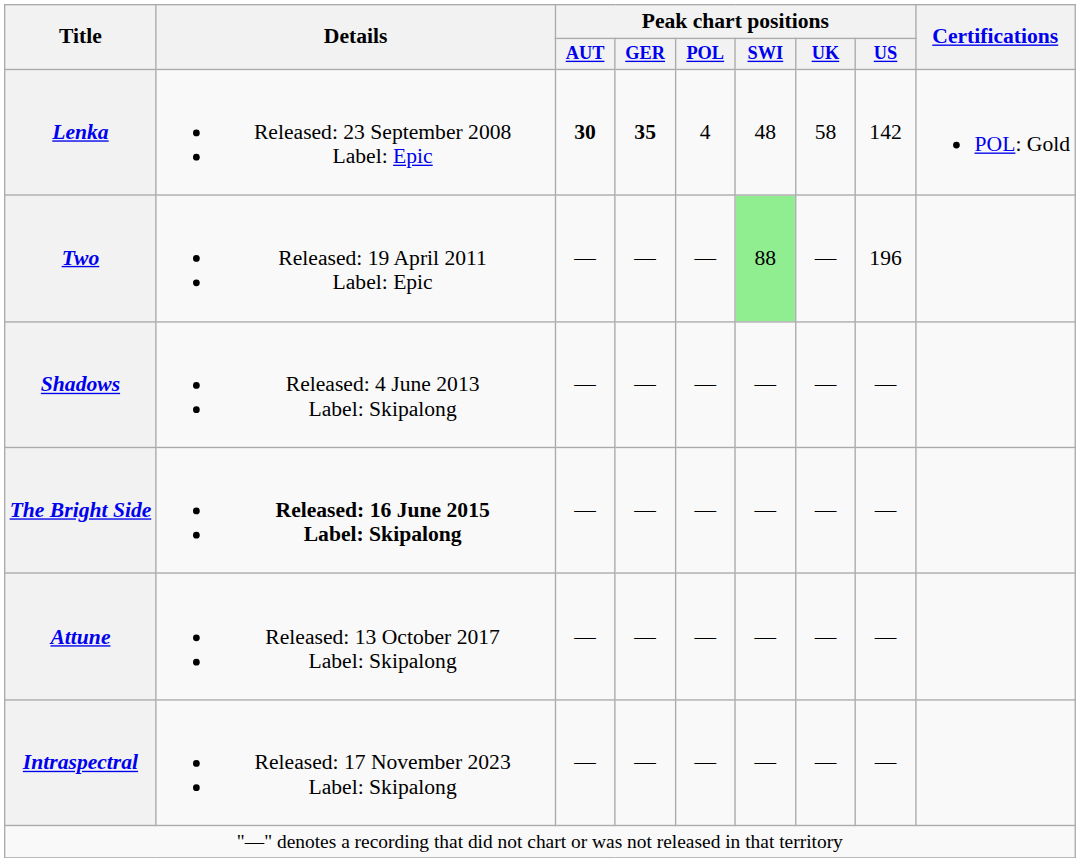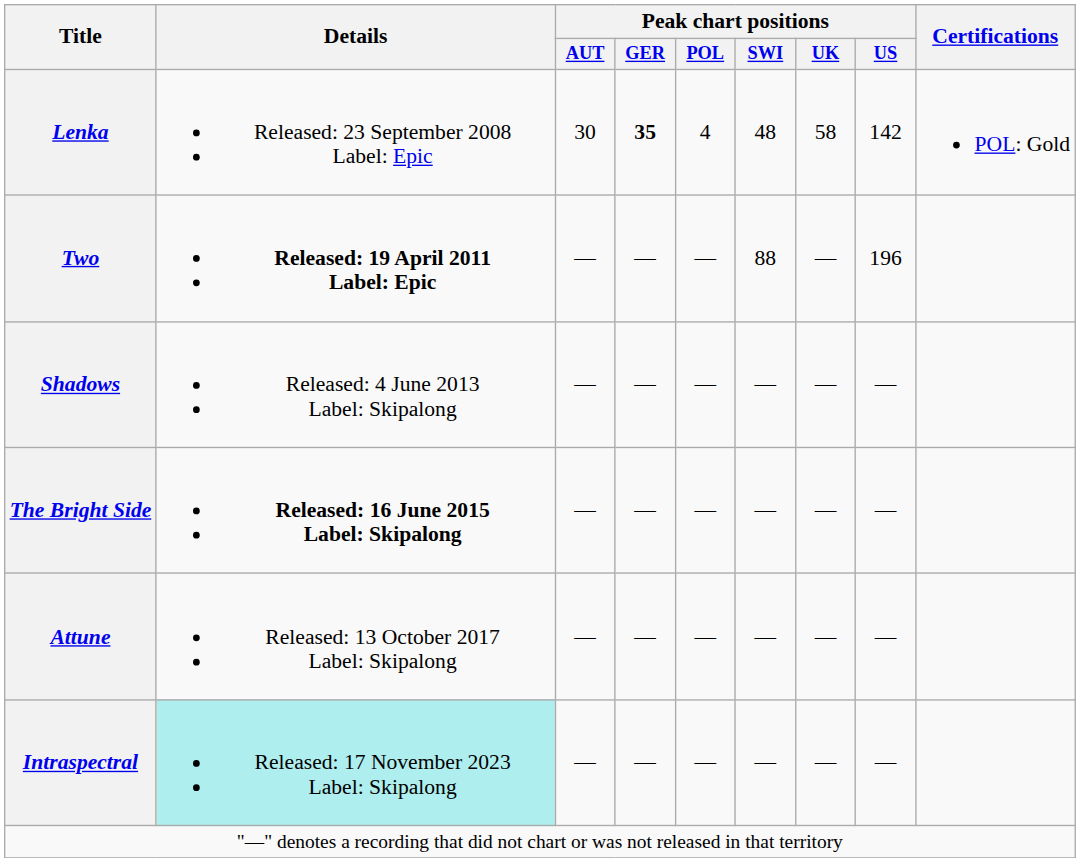 <table class="wikitable plainrowheaders" style="text-align:center;">
 <tr>
 <th rowspan="2">Title</th>
 <th rowspan="2" style="width:18em;">Details</th>
 <th colspan="6">Peak chart positions</th>
 <th rowspan="2"><a href='#'>Certifications</a></th>
 </tr>
 <tr>
 <th style="width:2.8em; font-size:85%"><a href='#'>AUT</a><br></th>
 <th style="width:2.8em; font-size:85%"><a href='#'>GER</a><br></th>
 <th style="width:2.8em; font-size:85%"><a href='#'>POL</a></th>
 <th style="width:2.8em; font-size:85%"><a href='#'>SWI</a><br></th>
 <th style="width:2.8em; font-size:85%"><a href='#'>UK</a><br></th>
 <th style="width:2.8em; font-size:85%"><a href='#'>US</a><br></th>
 </tr>
 <tr>
 <th scope="row"><em><a href='#'>Lenka</a></em></th>
 <td><br><ul><li>Released: 23 September 2008</li><li>Label: <a href='#'>Epic</a></li></ul></td>
-<td><strong>30</strong></td>
+<td>30</td>
 <td><strong>35</strong></td>
 <td>4</td>
 <td>48</td>
 <td>58</td>
 <td>142</td>
 <td><br><ul><li><a href='#'>POL</a>: Gold</li></ul></td>
 </tr>
 <tr>
 <th scope="row"><em><a href='#'>Two</a></em></th>
-<td><br><ul><li>Released: 19 April 2011</li><li>Label: Epic</li></ul></td>
+<td><strong><br><ul><li>Released: 19 April 2011</li><li>Label: Epic</li></ul></strong></td>
 <td>—</td>
 <td>—</td>
 <td>—</td>
-<td style="background: lightgreen;">88</td>
+<td>88</td>
 <td>—</td>
 <td>196</td>
 <td></td>
 </tr>
 <tr>
 <th scope="row"><em><a href='#'>Shadows</a></em></th>
 <td><br><ul><li>Released: 4 June 2013</li><li>Label: Skipalong</li></ul></td>
 <td>—</td>
 <td>—</td>
 <td>—</td>
 <td>—</td>
 <td>—</td>
 <td>—</td>
 <td></td>
 </tr>
 <tr>
 <th scope="row"><em><a href='#'>The Bright Side</a></em></th>
 <td><strong><br><ul><li>Released: 16 June 2015</li><li>Label: Skipalong</li></ul></strong></td>
 <td>—</td>
 <td>—</td>
 <td>—</td>
 <td>—</td>
 <td>—</td>
 <td>—</td>
 <td></td>
 </tr>
 <tr>
 <th scope="row"><em><a href='#'>Attune</a></em></th>
 <td><br><ul><li>Released: 13 October 2017</li><li>Label: Skipalong</li></ul></td>
 <td>—</td>
 <td>—</td>
 <td>—</td>
 <td>—</td>
 <td>—</td>
 <td>—</td>
 <td></td>
 </tr>
 <tr>
 <th scope="row"><em><a href='#'>Intraspectral</a></em></th>
-<td><br><ul><li>Released: 17 November 2023</li><li>Label: Skipalong</li></ul></td>
+<td style="background: paleturquoise;"><br><ul><li>Released: 17 November 2023</li><li>Label: Skipalong</li></ul></td>
 <td>—</td>
 <td>—</td>
 <td>—</td>
 <td>—</td>
 <td>—</td>
 <td>—</td>
 <td></td>
 </tr>
 <tr>
 <td colspan="10" style="font-size:90%">"—" denotes a recording that did not chart or was not released in that territory</td>
 </tr>
 </table>
